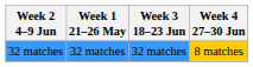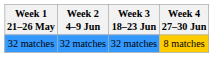 <table class="wikitable" style="margin:0.9em auto; font-size:90%; line-height:1.25em; width:800">
 <tr>
+<th>Week 1<br>21–26 May</th>
 <th>Week 2<br>4–9 Jun</th>
-<th>Week 1<br>21–26 May</th>
 <th>Week 3<br>18–23 Jun</th>
 <th>Week 4<br>27–30 Jun</th>
 </tr>
 <tr align="center">
 <td bgcolor=#3399ff>32 matches</td>
 <td bgcolor=#3399ff>32 matches</td>
 <td bgcolor=#3399ff>32 matches</td>
 <td bgcolor=#ffcc00>8 matches</td>
 </tr>
 </table>
